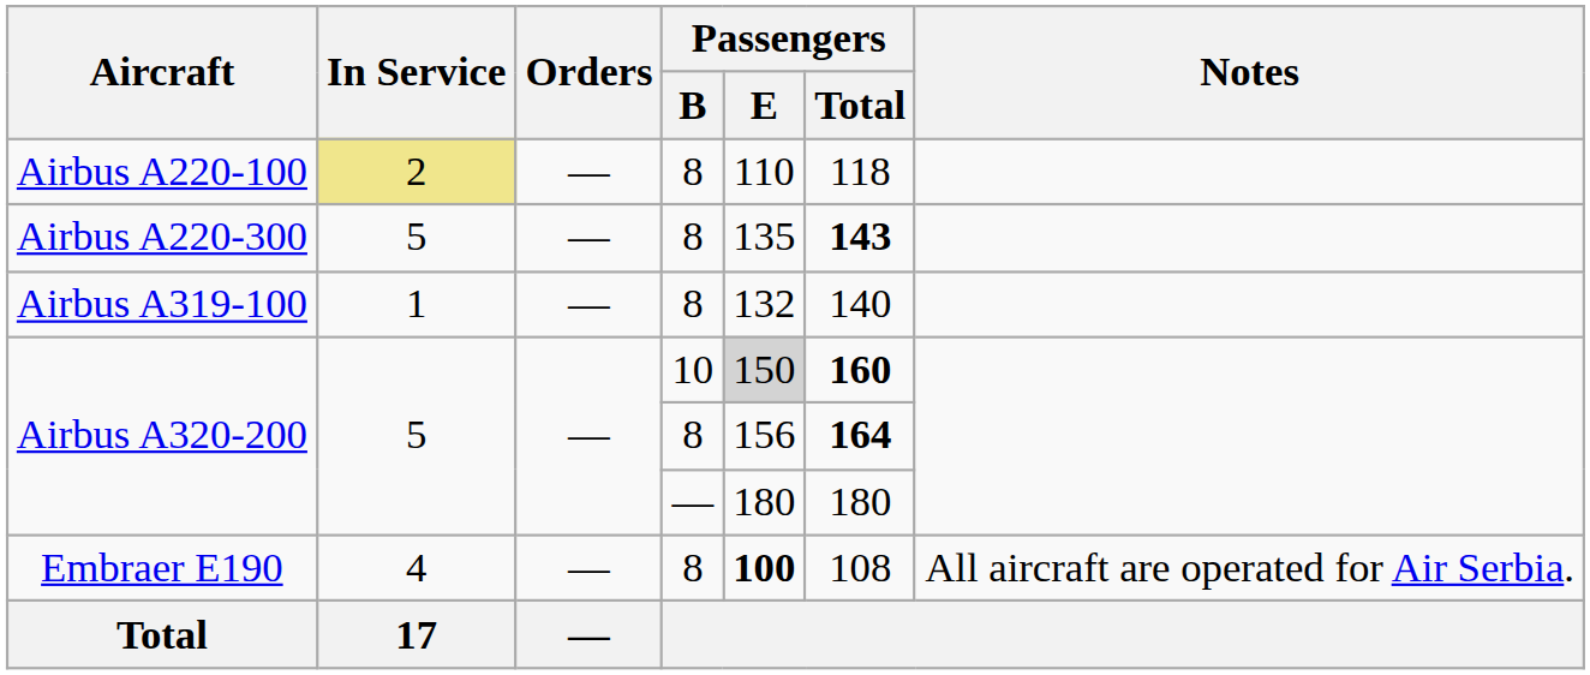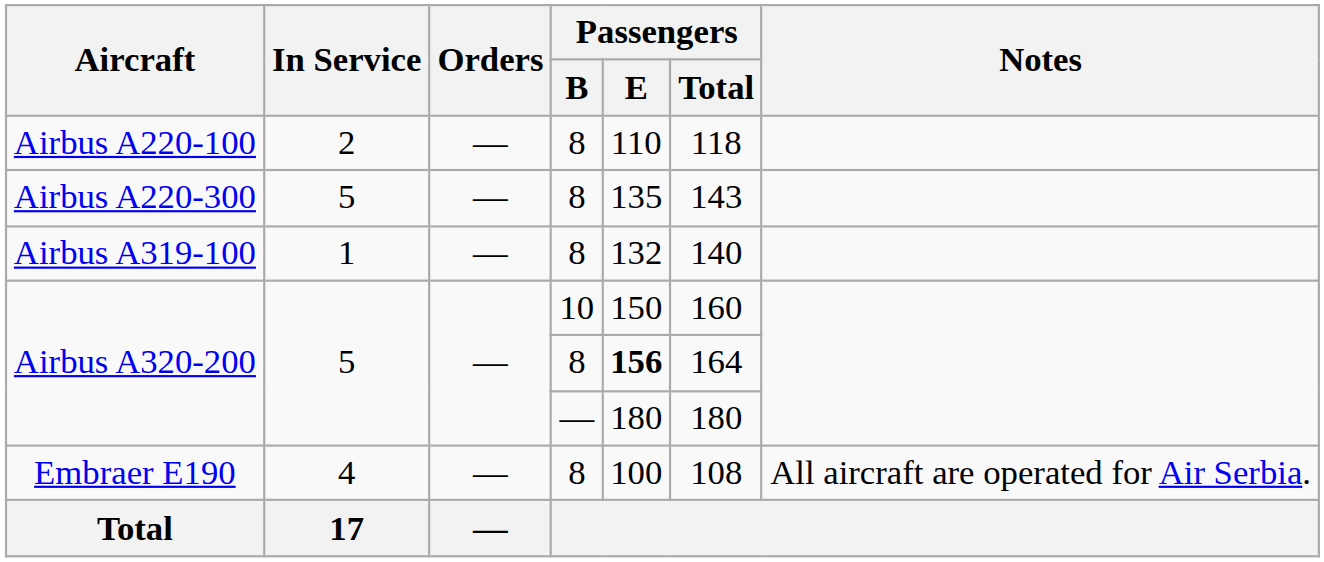 <table class="wikitable" style="border-collapse:collapse;text-align:center;margin:auto;">
 <tr>
 <th rowspan="2">Aircraft</th>
 <th rowspan="2">In Service</th>
 <th rowspan="2">Orders</th>
 <th colspan="3">Passengers</th>
 <th rowspan="2">Notes</th>
 </tr>
 <tr>
 <th><abbr>B</abbr></th>
 <th><abbr>E</abbr></th>
 <th>Total</th>
 </tr>
 <tr>
 <td><a href='#'>Airbus A220-100</a></td>
-<td style="background: khaki;">2</td>
+<td>2</td>
 <td>—</td>
 <td>8</td>
 <td>110</td>
 <td>118</td>
 <td></td>
 </tr>
 <tr>
 <td><a href='#'>Airbus A220-300</a></td>
 <td>5</td>
 <td>—</td>
 <td>8</td>
 <td>135</td>
-<td><strong>143</strong></td>
+<td>143</td>
 <td></td>
 </tr>
 <tr>
 <td><a href='#'>Airbus A319-100</a></td>
 <td>1</td>
 <td>—</td>
 <td>8</td>
 <td>132</td>
 <td>140</td>
 <td></td>
 </tr>
 <tr>
 <td rowspan="3"><a href='#'>Airbus A320-200</a></td>
 <td rowspan="3">5</td>
 <td rowspan="3">—</td>
 <td>10</td>
-<td style="background: lightgrey;">150</td>
-<td><strong>160</strong></td>
+<td>150</td>
+<td>160</td>
 <td rowspan="3"></td>
 </tr>
 <tr>
 <td>8</td>
-<td>156</td>
-<td><strong>164</strong></td>
+<td><strong>156</strong></td>
+<td>164</td>
 </tr>
 <tr>
 <td>—</td>
 <td>180</td>
 <td>180</td>
 </tr>
 <tr>
 <td><a href='#'>Embraer E190</a></td>
 <td>4</td>
 <td>—</td>
 <td>8</td>
-<td><strong>100</strong></td>
+<td>100</td>
 <td>108</td>
 <td>All aircraft are operated for <a href='#'>Air Serbia</a>.</td>
 </tr>
 <tr>
 <th>Total</th>
 <th>17</th>
 <th>—</th>
 <th colspan="4"></th>
 </tr>
 </table>
